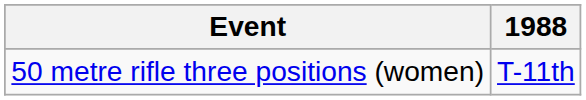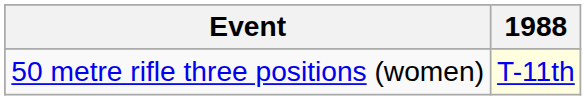 <table class="wikitable" style="text-align: center">
 <tr>
 <th>Event</th>
 <th>1988</th>
 </tr>
 <tr>
 <td align=left><a href='#'>50 metre rifle three positions</a> (women)</td>
-<td><a href='#'>T-11th</a></td>
+<td style="background: lightyellow;"><a href='#'>T-11th</a></td>
 </tr>
 </table>
